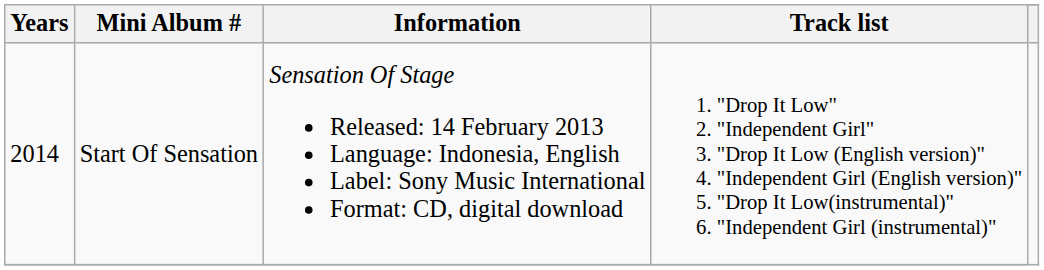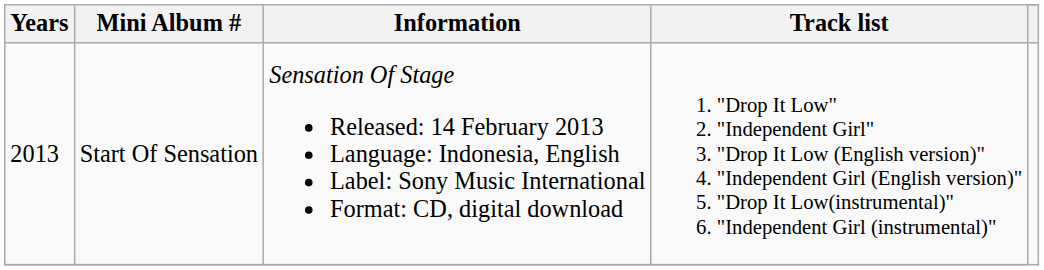 <table class="wikitable">
 <tr>
 <th rowspan="2">Years</th>
 <th rowspan="2">Mini Album #</th>
 <th rowspan="2">Information</th>
 <th rowspan="2">Track list</th>
 </tr>
 <tr>
 <th></th>
 </tr>
 <tr>
-<td>2014</td>
+<td>2013</td>
 <td>Start Of Sensation</td>
 <td><em>Sensation Of Stage </em><br><ul><li>Released: 14 February 2013</li><li>Language: Indonesia, English</li><li>Label: Sony Music International</li><li>Format: CD, digital download</li></ul></td>
 <td align="left" style="font-size: 85%;"><br><ol><li>"Drop It Low"</li><li>"Independent Girl"</li><li>"Drop It Low (English version)"</li><li>"Independent Girl (English version)"</li><li>"Drop It Low(instrumental)"</li><li>"Independent Girl (instrumental)"</li></ol></td>
 </tr>
 <tr>
 </tr>
 </table>
